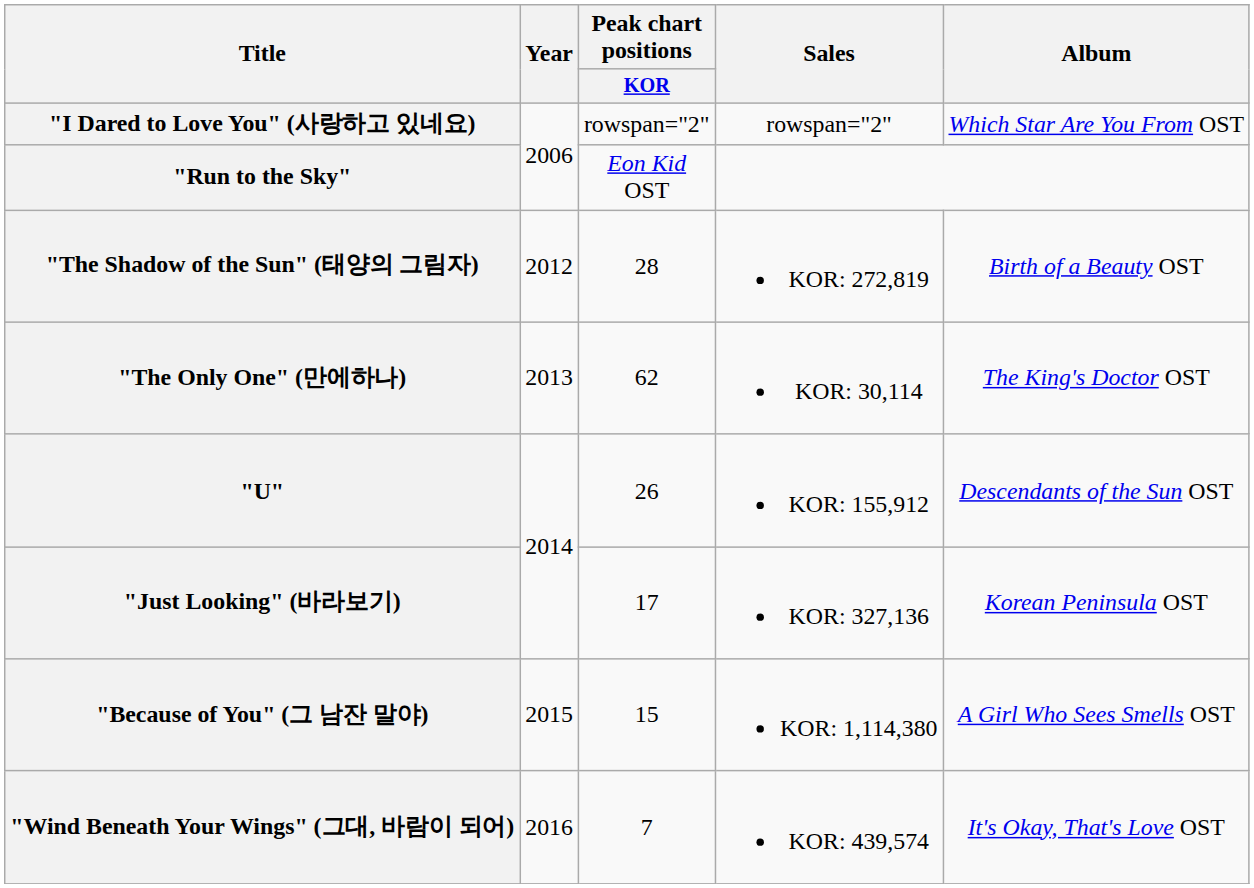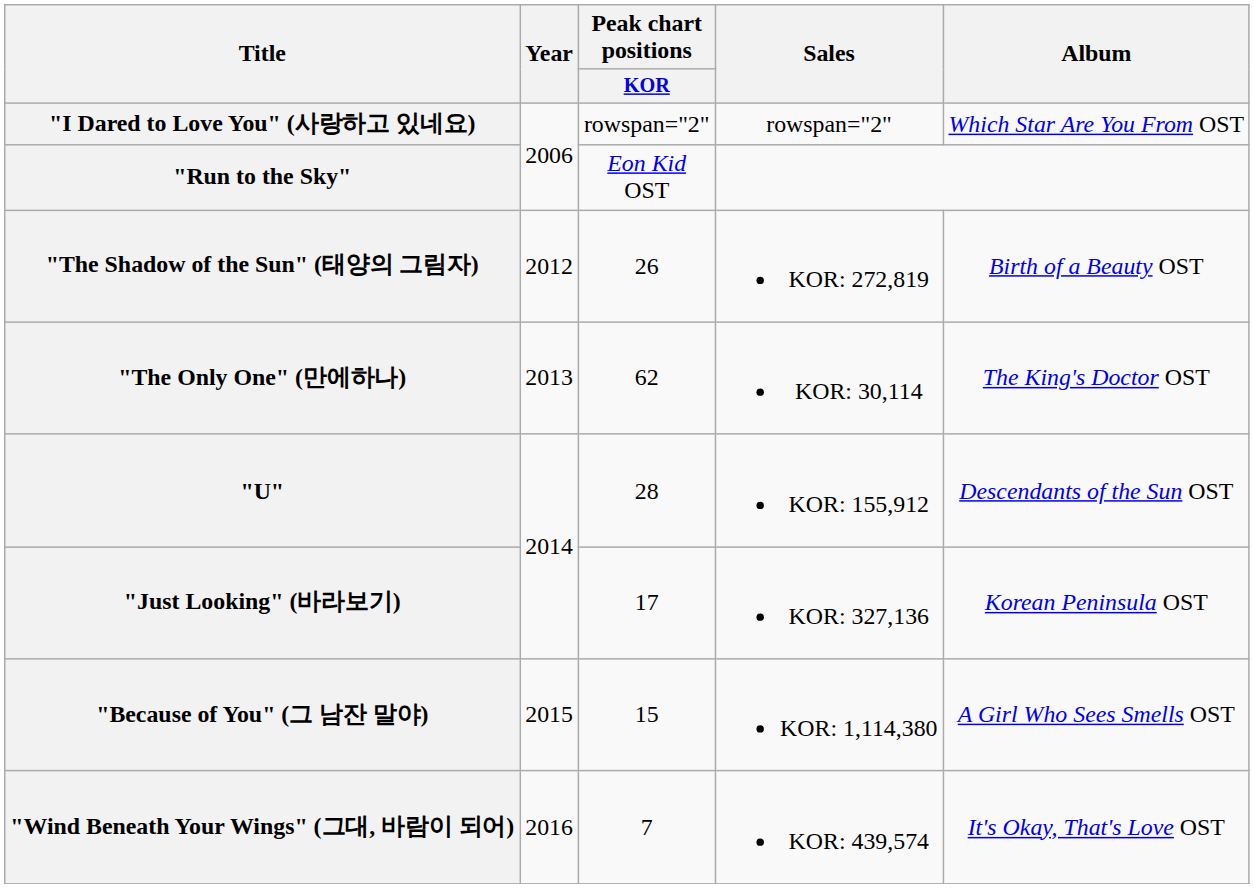 <table class="wikitable plainrowheaders" style="text-align:center;">
 <tr>
 <th scope="col" rowspan="2">Title</th>
 <th scope="col" rowspan="2">Year</th>
 <th scope="col" colspan="1">Peak chart positions</th>
 <th scope="col" rowspan="2">Sales</th>
 <th scope="col" rowspan="2">Album</th>
 </tr>
 <tr>
 <th scope="col" style="width:3em;font-size:85%;"><a href='#'>KOR</a><br></th>
 </tr>
 <tr>
 <th scope="row">"I Dared to Love You" (사랑하고 있네요)</th>
 <td rowspan="2">2006</td>
 <td>rowspan="2" </td>
 <td>rowspan="2" </td>
 <td><em><a href='#'>Which Star Are You From</a></em> OST</td>
 </tr>
 <tr>
 <th scope="row">"Run to the Sky"</th>
 <td><em><a href='#'>Eon Kid</a></em> OST</td>
 </tr>
 <tr>
 <th scope="row">"The Shadow of the Sun" (태양의 그림자)</th>
 <td>2012</td>
-<td>28</td>
+<td>26</td>
 <td><br><ul><li>KOR: 272,819</li></ul></td>
 <td><em><a href='#'>Birth of a Beauty</a></em> OST</td>
 </tr>
 <tr>
 <th scope="row">"The Only One" (만에하나)</th>
 <td>2013</td>
 <td>62</td>
 <td><br><ul><li>KOR: 30,114</li></ul></td>
 <td><em><a href='#'>The King's Doctor</a></em> OST</td>
 </tr>
 <tr>
 <th scope="row">"U"</th>
 <td rowspan="2">2014</td>
-<td>26</td>
+<td>28</td>
 <td><br><ul><li>KOR: 155,912</li></ul></td>
 <td><em><a href='#'>Descendants of the Sun</a></em> OST</td>
 </tr>
 <tr>
 <th scope="row">"Just Looking" (바라보기)</th>
 <td>17</td>
 <td><br><ul><li>KOR: 327,136</li></ul></td>
 <td><em><a href='#'>Korean Peninsula</a></em> OST</td>
 </tr>
 <tr>
 <th scope="row">"Because of You" (그 남잔 말야)</th>
 <td>2015</td>
 <td>15</td>
 <td><br><ul><li>KOR: 1,114,380</li></ul></td>
 <td><em><a href='#'>A Girl Who Sees Smells</a></em> OST</td>
 </tr>
 <tr>
 <th scope="row">"Wind Beneath Your Wings" (그대, 바람이 되어)</th>
 <td>2016</td>
 <td>7</td>
 <td><br><ul><li>KOR: 439,574</li></ul></td>
 <td><em><a href='#'>It's Okay, That's Love</a></em> OST</td>
 </tr>
 </table>
